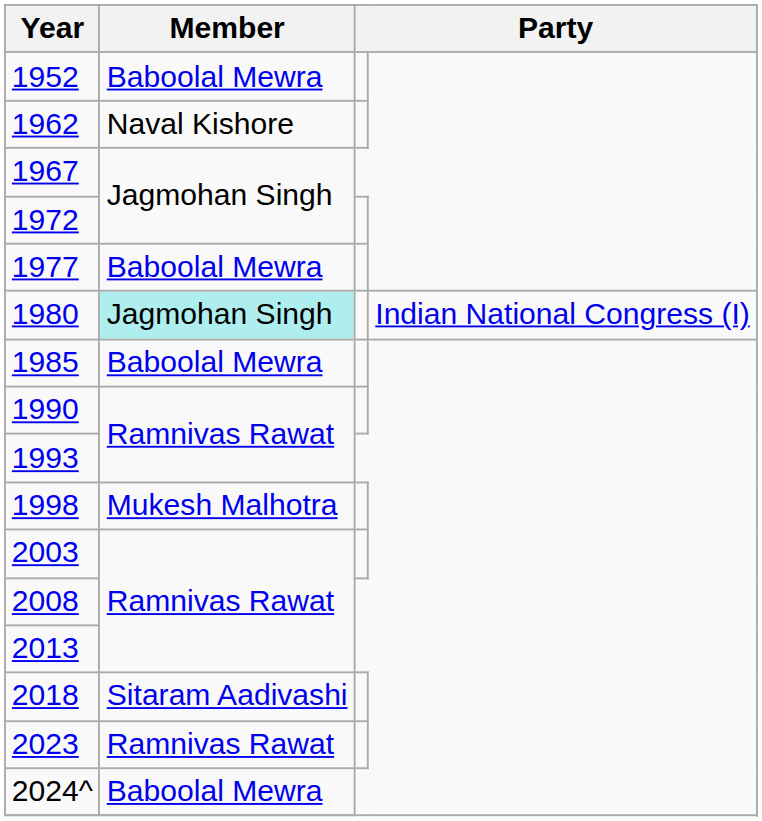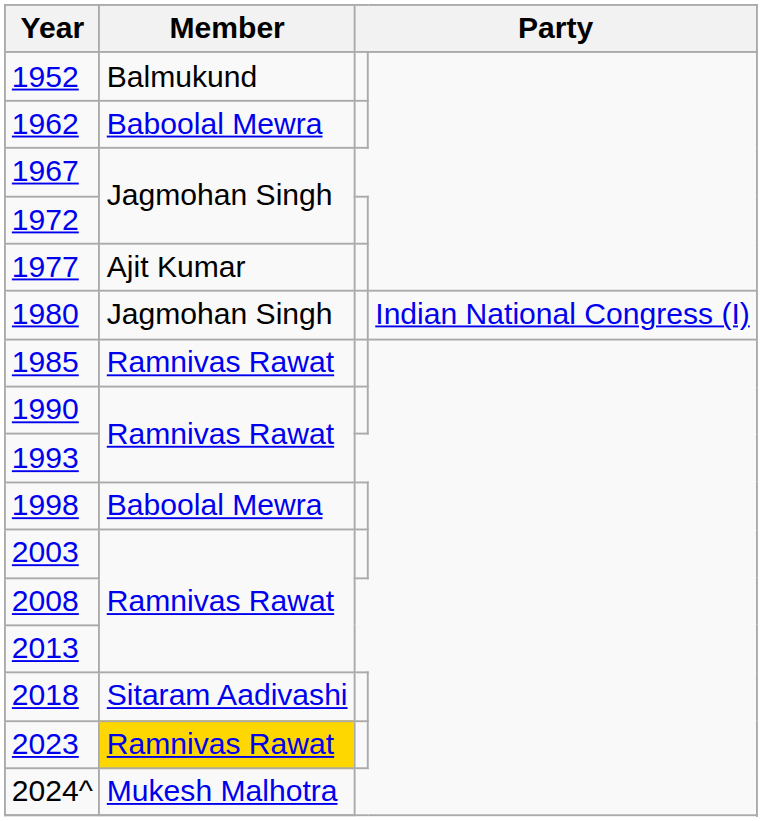 <table class="wikitable">
 <tr>
 <th>Year</th>
 <th>Member</th>
 <th colspan="2">Party</th>
 </tr>
 <tr>
 <td><a href='#'>1952</a></td>
-<td><a href='#'>Baboolal Mewra</a></td>
+<td>Balmukund</td>
 <td></td>
 </tr>
 <tr>
 <td><a href='#'>1962</a></td>
-<td>Naval Kishore</td>
+<td><a href='#'>Baboolal Mewra</a></td>
 <td></td>
 </tr>
 <tr>
 <td><a href='#'>1967</a></td>
 <td rowspan="2">Jagmohan Singh</td>
 </tr>
 <tr>
 <td><a href='#'>1972</a></td>
 <td></td>
 </tr>
 <tr>
 <td><a href='#'>1977</a></td>
-<td><a href='#'>Baboolal Mewra</a></td>
+<td>Ajit Kumar</td>
 <td></td>
 </tr>
 <tr>
 <td><a href='#'>1980</a></td>
-<td style="background: paleturquoise;">Jagmohan Singh</td>
+<td>Jagmohan Singh</td>
 <td style="background-color: "></td>
 <td><a href='#'>Indian National Congress (I)</a></td>
 </tr>
 <tr>
 <td><a href='#'>1985</a></td>
-<td><a href='#'>Baboolal Mewra</a></td>
+<td><a href='#'>Ramnivas Rawat</a></td>
 <td></td>
 </tr>
 <tr>
 <td><a href='#'>1990</a></td>
 <td rowspan="2"><a href='#'>Ramnivas Rawat</a></td>
 <td></td>
 </tr>
 <tr>
 <td><a href='#'>1993</a></td>
 </tr>
 <tr>
 <td><a href='#'>1998</a></td>
-<td><a href='#'>Mukesh Malhotra</a></td>
+<td><a href='#'>Baboolal Mewra</a></td>
 <td></td>
 </tr>
 <tr>
 <td><a href='#'>2003</a></td>
 <td rowspan="3"><a href='#'>Ramnivas Rawat</a></td>
 <td></td>
 </tr>
 <tr>
 <td><a href='#'>2008</a></td>
 </tr>
 <tr>
 <td><a href='#'>2013</a></td>
 </tr>
 <tr>
 <td><a href='#'>2018</a></td>
 <td><a href='#'>Sitaram Aadivashi</a></td>
 <td></td>
 </tr>
 <tr>
 <td><a href='#'>2023</a></td>
-<td><a href='#'>Ramnivas Rawat</a></td>
+<td style="background: gold;"><a href='#'>Ramnivas Rawat</a></td>
 <td></td>
 </tr>
 <tr>
 <td>2024^</td>
-<td><a href='#'>Baboolal Mewra</a></td>
+<td><a href='#'>Mukesh Malhotra</a></td>
 </tr>
 <tr>
 </tr>
 </table>
